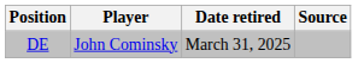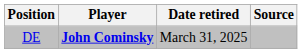 <table class="wikitable" style="text-align:center">
 <tr>
 <th>Position</th>
 <th>Player</th>
 <th>Date retired</th>
 <th>Source</th>
 </tr>
 <tr bgcolor=silver>
 <td><a href='#'>DE</a></td>
-<td><a href='#'>John Cominsky</a></td>
+<td><strong><a href='#'>John Cominsky</a></strong></td>
 <td>March 31, 2025</td>
 <td></td>
 </tr>
 <tr>
 </tr>
 </table>
